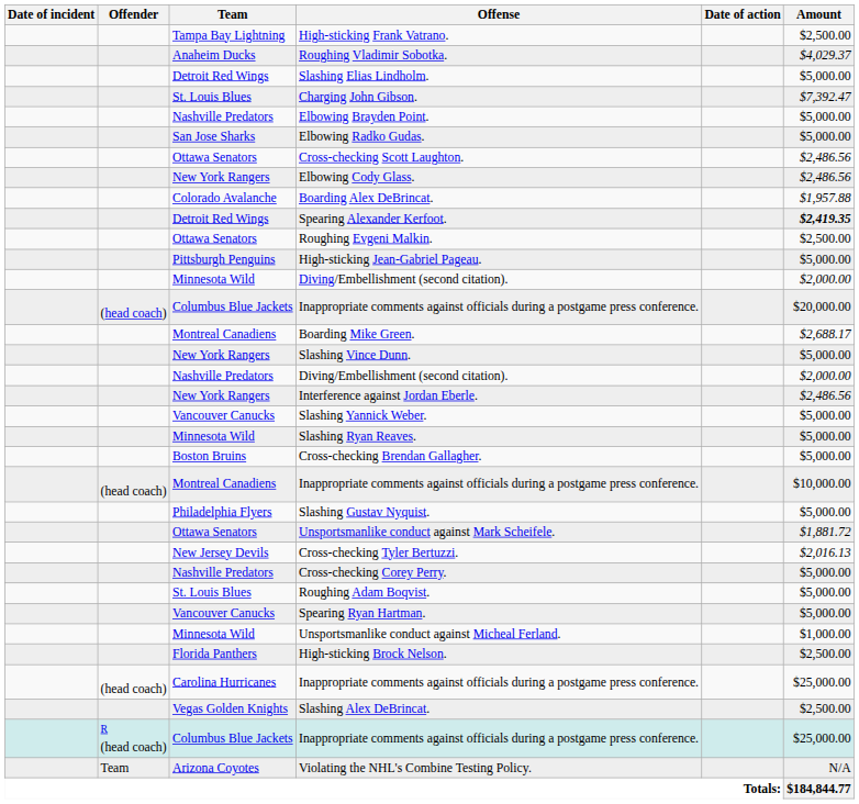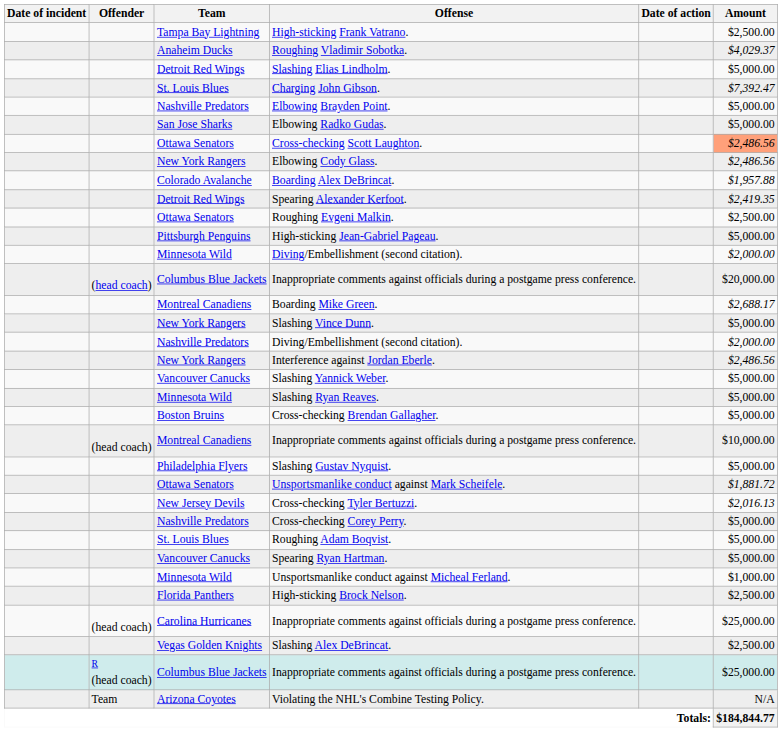 <table class="wikitable sortable" style="border:0;">
 <tr>
 <th>Date of incident</th>
 <th>Offender</th>
 <th>Team</th>
 <th>Offense</th>
 <th>Date of action</th>
 <th>Amount</th>
 </tr>
 <tr>
 <td></td>
 <td></td>
 <td><a href='#'>Tampa Bay Lightning</a></td>
 <td><a href='#'>High-sticking</a> <a href='#'>Frank Vatrano</a>.</td>
 <td></td>
 <td style="text-align:right;" data-sort-value="250000">$2,500.00</td>
 </tr>
 <tr bgcolor="eeeeee">
 <td></td>
 <td></td>
 <td><a href='#'>Anaheim Ducks</a></td>
 <td><a href='#'>Roughing</a> <a href='#'>Vladimir Sobotka</a>.</td>
 <td></td>
 <td style="text-align:right;" data-sort-value="4,029.37"><em>$4,029.37</em></td>
 </tr>
 <tr>
 <td></td>
 <td></td>
 <td><a href='#'>Detroit Red Wings</a></td>
 <td><a href='#'>Slashing</a> <a href='#'>Elias Lindholm</a>.</td>
 <td></td>
 <td style="text-align:right;" data-sort value="5000">$5,000.00</td>
 </tr>
 <tr bgcolor="eeeeee">
 <td></td>
 <td></td>
 <td><a href='#'>St. Louis Blues</a></td>
 <td><a href='#'>Charging</a> <a href='#'>John Gibson</a>.</td>
 <td></td>
 <td style="text-align:right;" data-sort value="7,392.47"><em>$7,392.47</em></td>
 </tr>
 <tr>
 <td></td>
 <td></td>
 <td><a href='#'>Nashville Predators</a></td>
 <td><a href='#'>Elbowing</a> <a href='#'>Brayden Point</a>.</td>
 <td></td>
 <td style="text-align:right;" data-sort value="5000">$5,000.00</td>
 </tr>
 <tr bgcolor="eeeeee">
 <td></td>
 <td></td>
 <td><a href='#'>San Jose Sharks</a></td>
 <td>Elbowing <a href='#'>Radko Gudas</a>.</td>
 <td></td>
 <td style="text-align:right;" data-sort value="5000">$5,000.00</td>
 </tr>
 <tr>
 <td></td>
 <td></td>
 <td><a href='#'>Ottawa Senators</a></td>
 <td><a href='#'>Cross-checking</a> <a href='#'>Scott Laughton</a>.</td>
 <td></td>
-<td style="text-align:right;" data-sort value="248656"><em>$2,486.56</em></td>
+<td style="background: lightsalmon; text-align:right;" data-sort value="248656"><em>$2,486.56</em></td>
 </tr>
 <tr bgcolor="eeeeee">
 <td></td>
 <td></td>
 <td><a href='#'>New York Rangers</a></td>
 <td>Elbowing <a href='#'>Cody Glass</a>.</td>
 <td></td>
 <td style="text-align:right;" data-sort value="248656"><em>$2,486.56</em></td>
 </tr>
 <tr>
 <td></td>
 <td></td>
 <td><a href='#'>Colorado Avalanche</a></td>
 <td><a href='#'>Boarding</a> <a href='#'>Alex DeBrincat</a>.</td>
 <td></td>
 <td style="text-align:right;" data-sort value="195788"><em>$1,957.88</em></td>
 </tr>
 <tr bgcolor="eeeeee">
 <td></td>
 <td></td>
 <td><a href='#'>Detroit Red Wings</a></td>
 <td>Spearing <a href='#'>Alexander Kerfoot</a>.</td>
 <td></td>
-<td style="text-align:right;" data-sort value="241935"><strong><em>$2,419.35</em></strong></td>
+<td style="text-align:right;" data-sort value="241935"><em>$2,419.35</em></td>
 </tr>
 <tr>
 <td></td>
 <td></td>
 <td><a href='#'>Ottawa Senators</a></td>
 <td>Roughing <a href='#'>Evgeni Malkin</a>.</td>
 <td></td>
 <td style="text-align:right;" data-sort value="250000">$2,500.00</td>
 </tr>
 <tr bgcolor="eeeeee">
 <td></td>
 <td></td>
 <td><a href='#'>Pittsburgh Penguins</a></td>
 <td>High-sticking <a href='#'>Jean-Gabriel Pageau</a>.</td>
 <td></td>
 <td style="text-align:right;" data-sort value="500000">$5,000.00</td>
 </tr>
 <tr>
 <td></td>
 <td></td>
 <td><a href='#'>Minnesota Wild</a></td>
 <td><a href='#'>Diving</a>/Embellishment (second citation).</td>
 <td></td>
 <td style="text-align:right;" data-sort-value="200000"><em>$2,000.00</em></td>
 </tr>
 <tr bgcolor="eeeeee">
 <td></td>
 <td><br>(<a href='#'>head coach</a>)</td>
 <td><a href='#'>Columbus Blue Jackets</a></td>
 <td>Inappropriate comments against officials during a postgame press conference.</td>
 <td></td>
 <td style="text-align:right;" data-sort-value="2000000">$20,000.00</td>
 </tr>
 <tr>
 <td></td>
 <td></td>
 <td><a href='#'>Montreal Canadiens</a></td>
 <td>Boarding <a href='#'>Mike Green</a>.</td>
 <td></td>
 <td style="text-align:right;" data-sort-value="268817"><em>$2,688.17</em></td>
 </tr>
 <tr bgcolor="eeeeee">
 <td></td>
 <td></td>
 <td><a href='#'>New York Rangers</a></td>
 <td>Slashing <a href='#'>Vince Dunn</a>.</td>
 <td></td>
 <td style="text-align:right;" data-sort-value="500000">$5,000.00</td>
 </tr>
 <tr>
 <td></td>
 <td></td>
 <td><a href='#'>Nashville Predators</a></td>
 <td>Diving/Embellishment (second citation).</td>
 <td></td>
 <td style="text-align:right;" data-sort-value="200000"><em>$2,000.00</em></td>
 </tr>
 <tr bgcolor="eeeeee">
 <td></td>
 <td></td>
 <td><a href='#'>New York Rangers</a></td>
 <td>Interference against <a href='#'>Jordan Eberle</a>.</td>
 <td></td>
 <td style="text-align:right;" data-sort-value="248656"><em>$2,486.56</em></td>
 </tr>
 <tr>
 <td></td>
 <td></td>
 <td><a href='#'>Vancouver Canucks</a></td>
 <td>Slashing <a href='#'>Yannick Weber</a>.</td>
 <td></td>
 <td style="text-align:right;" data-sort-value="500000">$5,000.00</td>
 </tr>
 <tr bgcolor="eeeeee">
 <td></td>
 <td></td>
 <td><a href='#'>Minnesota Wild</a></td>
 <td>Slashing <a href='#'>Ryan Reaves</a>.</td>
 <td></td>
 <td style="text-align:right;" data-sort-value="500000">$5,000.00</td>
 </tr>
 <tr>
 <td></td>
 <td></td>
 <td><a href='#'>Boston Bruins</a></td>
 <td>Cross-checking <a href='#'>Brendan Gallagher</a>.</td>
 <td></td>
 <td style="text-align:right;" data-sort-value="500000">$5,000.00</td>
 </tr>
 <tr bgcolor="eeeeee">
 <td></td>
 <td><br>(head coach)</td>
 <td><a href='#'>Montreal Canadiens</a></td>
 <td>Inappropriate comments against officials during a postgame press conference.</td>
 <td></td>
 <td style="text-align:right;" data-sort-value="1000000">$10,000.00</td>
 </tr>
 <tr>
 <td></td>
 <td></td>
 <td><a href='#'>Philadelphia Flyers</a></td>
 <td>Slashing <a href='#'>Gustav Nyquist</a>.</td>
 <td></td>
 <td style="text-align:right;" data-sort-value="500000">$5,000.00</td>
 </tr>
 <tr bgcolor="eeeeee">
 <td></td>
 <td></td>
 <td><a href='#'>Ottawa Senators</a></td>
 <td><a href='#'>Unsportsmanlike conduct</a> against <a href='#'>Mark Scheifele</a>.</td>
 <td></td>
 <td style="text-align:right;" data-sort-value="188172"><em>$1,881.72</em></td>
 </tr>
 <tr>
 <td></td>
 <td></td>
 <td><a href='#'>New Jersey Devils</a></td>
 <td>Cross-checking <a href='#'>Tyler Bertuzzi</a>.</td>
 <td></td>
 <td style="text-align:right;" data-sort-value="201613"><em>$2,016.13</em></td>
 </tr>
 <tr bgcolor="eeeeee">
 <td></td>
 <td></td>
 <td><a href='#'>Nashville Predators</a></td>
 <td>Cross-checking <a href='#'>Corey Perry</a>.</td>
 <td></td>
 <td style="text-align:right;" data-sort-value="500000">$5,000.00</td>
 </tr>
 <tr>
 <td></td>
 <td></td>
 <td><a href='#'>St. Louis Blues</a></td>
 <td>Roughing <a href='#'>Adam Boqvist</a>.</td>
 <td></td>
 <td style="text-align:right;" data-sort-value="500000">$5,000.00</td>
 </tr>
 <tr bgcolor="eeeeee">
 <td></td>
 <td></td>
 <td><a href='#'>Vancouver Canucks</a></td>
 <td>Spearing <a href='#'>Ryan Hartman</a>.</td>
 <td></td>
 <td style="text-align:right;" data-sort-value="500000">$5,000.00</td>
 </tr>
 <tr>
 <td></td>
 <td></td>
 <td><a href='#'>Minnesota Wild</a></td>
 <td>Unsportsmanlike conduct against <a href='#'>Micheal Ferland</a>.</td>
 <td></td>
 <td style="text-align:right;" data-sort-value="100000">$1,000.00</td>
 </tr>
 <tr bgcolor="eeeeee">
 <td></td>
 <td></td>
 <td><a href='#'>Florida Panthers</a></td>
 <td>High-sticking <a href='#'>Brock Nelson</a>.</td>
 <td></td>
 <td style="text-align:right;" data-sort-value="250000">$2,500.00</td>
 </tr>
 <tr>
 <td></td>
 <td><br>(head coach)</td>
 <td><a href='#'>Carolina Hurricanes</a></td>
 <td>Inappropriate comments against officials during a postgame press conference.</td>
 <td></td>
 <td style="text-align:right;" data-sort-value="2500000">$25,000.00</td>
 </tr>
 <tr bgcolor="eeeeee">
 <td></td>
 <td></td>
 <td><a href='#'>Vegas Golden Knights</a></td>
 <td>Slashing <a href='#'>Alex DeBrincat</a>.</td>
 <td></td>
 <td style="text-align:right;" data-sort-value="250000">$2,500.00</td>
 </tr>
 <tr bgcolor="#CFECEC">
 <td></td>
 <td><sup><a href='#'>R</a></sup><br>(head coach)</td>
 <td><a href='#'>Columbus Blue Jackets</a></td>
 <td>Inappropriate comments against officials during a postgame press conference.</td>
 <td></td>
 <td style="text-align:right;" data-sort-value="2500000">$25,000.00</td>
 </tr>
 <tr bgcolor="eeeeee">
 <td></td>
 <td>Team</td>
 <td><a href='#'>Arizona Coyotes</a></td>
 <td>Violating the NHL's Combine Testing Policy.</td>
 <td></td>
 <td style="text-align:right;" data-sort-value="NA">N/A</td>
 </tr>
 <tr>
 <th colspan=5; style="text-align:right; border:0; background:white">Totals:</th>
 <th style="text-align:left;">$184,844.77</th>
 </tr>
 </table>
